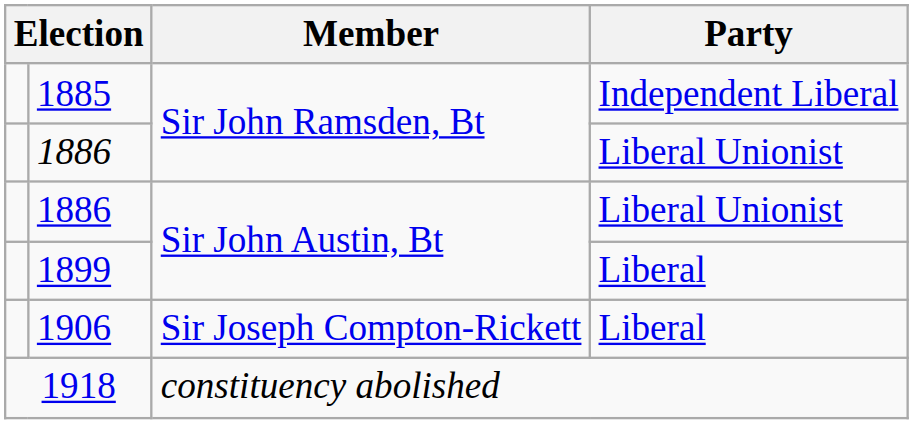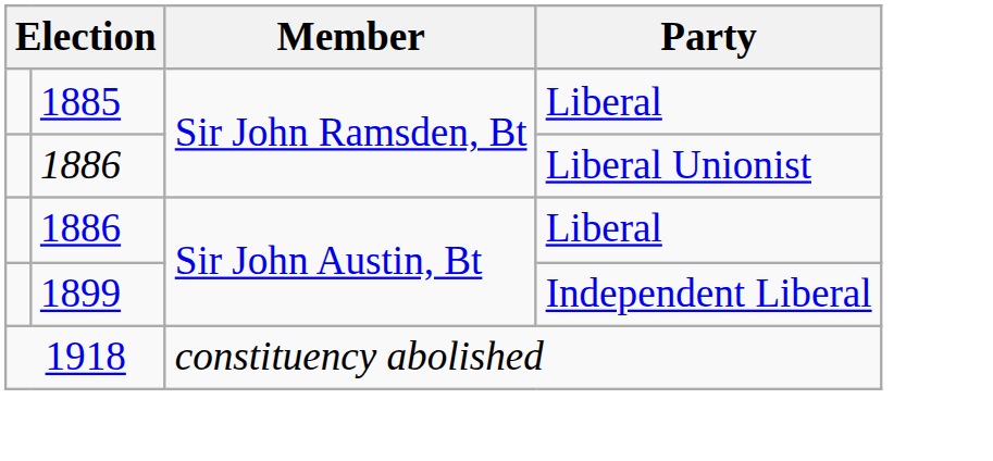 <table class="wikitable">
 <tr>
 <th colspan="2">Election</th>
 <th>Member</th>
 <th>Party</th>
 </tr>
 <tr>
 <td style="color:inherit;background-color: "></td>
 <td><a href='#'>1885</a></td>
 <td rowspan="2"><a href='#'>Sir John Ramsden, Bt</a></td>
-<td><a href='#'>Independent Liberal</a></td>
+<td><a href='#'>Liberal</a></td>
 </tr>
 <tr>
 <td style="color:inherit;background-color: "></td>
 <td><em>1886</em></td>
 <td><a href='#'>Liberal Unionist</a></td>
 </tr>
 <tr>
 <td style="color:inherit;background-color: "></td>
 <td><a href='#'>1886</a></td>
 <td rowspan="2"><a href='#'>Sir John Austin, Bt</a></td>
-<td><a href='#'>Liberal Unionist</a></td>
+<td><a href='#'>Liberal</a></td>
 </tr>
 <tr>
 <td style="color:inherit;background-color: "></td>
 <td><a href='#'>1899</a></td>
-<td><a href='#'>Liberal</a></td>
-</tr>
-<tr>
-<td style="color:inherit;background-color: "></td>
-<td><a href='#'>1906</a></td>
-<td><a href='#'>Sir Joseph Compton-Rickett</a></td>
-<td><a href='#'>Liberal</a></td>
+<td><a href='#'>Independent Liberal</a></td>
 </tr>
 <tr>
 <td colspan="2" align="center"><a href='#'>1918</a></td>
 <td colspan="2"><em>constituency abolished</em></td>
 </tr>
 </table>
